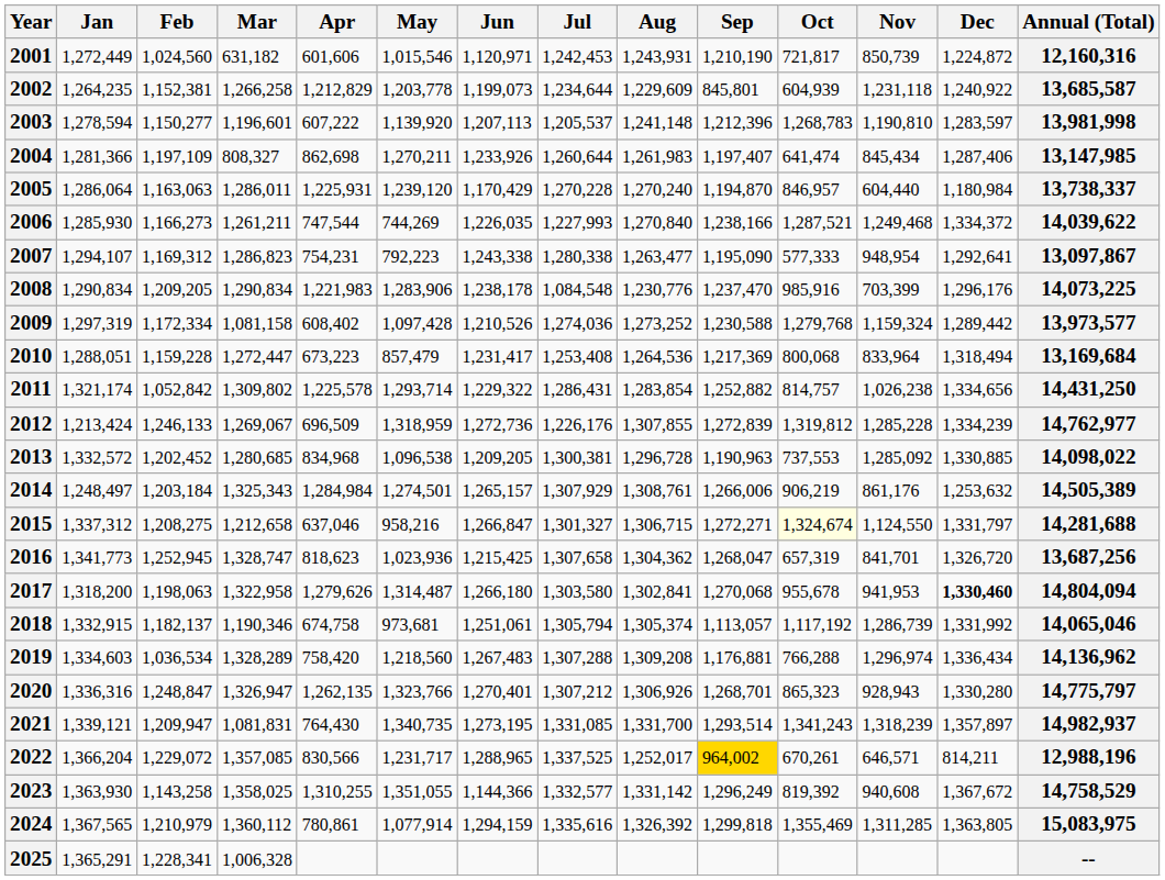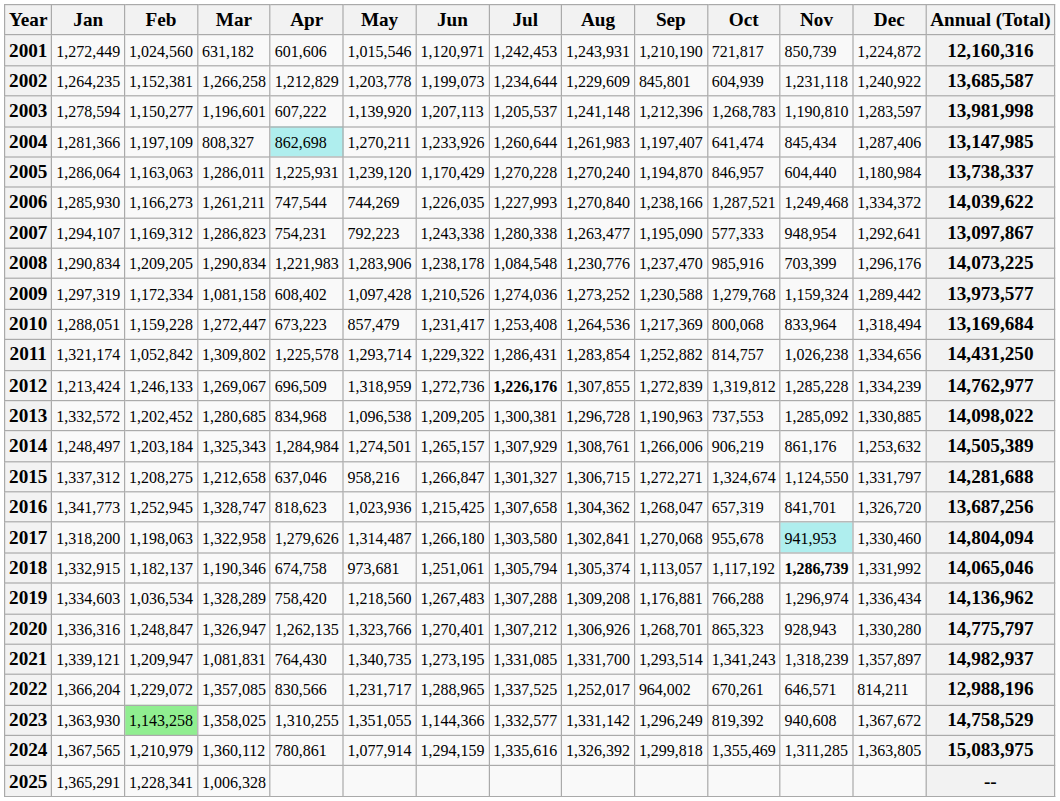 <table class="wikitable">
 <tr>
 <th>Year</th>
 <th>Jan</th>
 <th>Feb</th>
 <th>Mar</th>
 <th>Apr</th>
 <th>May</th>
 <th>Jun</th>
 <th>Jul</th>
 <th>Aug</th>
 <th>Sep</th>
 <th>Oct</th>
 <th>Nov</th>
 <th>Dec</th>
 <th>Annual (Total)</th>
 </tr>
 <tr>
 <th>2001</th>
 <td><small>1,272,449</small></td>
 <td><small>1,024,560</small></td>
 <td><small>631,182</small></td>
 <td><small>601,606</small></td>
 <td><small>1,015,546</small></td>
 <td><small>1,120,971</small></td>
 <td><small>1,242,453</small></td>
 <td><small>1,243,931</small></td>
 <td><small>1,210,190</small></td>
 <td><small>721,817</small></td>
 <td><small>850,739</small></td>
 <td><small>1,224,872</small></td>
 <th>12,160,316</th>
 </tr>
 <tr>
 <th>2002</th>
 <td><small>1,264,235</small></td>
 <td><small>1,152,381</small></td>
 <td><small>1,266,258</small></td>
 <td><small>1,212,829</small></td>
 <td><small>1,203,778</small></td>
 <td><small>1,199,073</small></td>
 <td><small>1,234,644</small></td>
 <td><small>1,229,609</small></td>
 <td><small>845,801</small></td>
 <td><small>604,939</small></td>
 <td><small>1,231,118</small></td>
 <td><small>1,240,922</small></td>
 <th>13,685,587</th>
 </tr>
 <tr>
 <th>2003</th>
 <td><small>1,278,594</small></td>
 <td><small>1,150,277</small></td>
 <td><small>1,196,601</small></td>
 <td><small>607,222</small></td>
 <td><small>1,139,920</small></td>
 <td><small>1,207,113</small></td>
 <td><small>1,205,537</small></td>
 <td><small>1,241,148</small></td>
 <td><small>1,212,396</small></td>
 <td><small>1,268,783</small></td>
 <td><small>1,190,810</small></td>
 <td><small>1,283,597</small></td>
 <th>13,981,998</th>
 </tr>
 <tr>
 <th>2004</th>
 <td><small>1,281,366</small></td>
 <td><small>1,197,109</small></td>
 <td><small>808,327</small></td>
-<td><small>862,698</small></td>
+<td style="background: paleturquoise;"><small>862,698</small></td>
 <td><small>1,270,211</small></td>
 <td><small>1,233,926</small></td>
 <td><small>1,260,644</small></td>
 <td><small>1,261,983</small></td>
 <td><small>1,197,407</small></td>
 <td><small>641,474</small></td>
 <td><small>845,434</small></td>
 <td><small>1,287,406</small></td>
 <th>13,147,985</th>
 </tr>
 <tr>
 <th>2005</th>
 <td><small>1,286,064</small></td>
 <td><small>1,163,063</small></td>
 <td><small>1,286,011</small></td>
 <td><small>1,225,931</small></td>
 <td><small>1,239,120</small></td>
 <td><small>1,170,429</small></td>
 <td><small>1,270,228</small></td>
 <td><small>1,270,240</small></td>
 <td><small>1,194,870</small></td>
 <td><small>846,957</small></td>
 <td><small>604,440</small></td>
 <td><small>1,180,984</small></td>
 <th>13,738,337</th>
 </tr>
 <tr>
 <th>2006</th>
 <td><small>1,285,930</small></td>
 <td><small>1,166,273</small></td>
 <td><small>1,261,211</small></td>
 <td><small>747,544</small></td>
 <td><small>744,269</small></td>
 <td><small>1,226,035</small></td>
 <td><small>1,227,993</small></td>
 <td><small>1,270,840</small></td>
 <td><small>1,238,166</small></td>
 <td><small>1,287,521</small></td>
 <td><small>1,249,468</small></td>
 <td><small>1,334,372</small></td>
 <th>14,039,622</th>
 </tr>
 <tr>
 <th>2007</th>
 <td><small>1,294,107</small></td>
 <td><small>1,169,312</small></td>
 <td><small>1,286,823</small></td>
 <td><small>754,231</small></td>
 <td><small>792,223</small></td>
 <td><small>1,243,338</small></td>
 <td><small>1,280,338</small></td>
 <td><small>1,263,477</small></td>
 <td><small>1,195,090</small></td>
 <td><small>577,333</small></td>
 <td><small>948,954</small></td>
 <td><small>1,292,641</small></td>
 <th>13,097,867</th>
 </tr>
 <tr>
 <th>2008</th>
 <td><small>1,290,834</small></td>
 <td><small>1,209,205</small></td>
 <td><small>1,290,834</small></td>
 <td><small>1,221,983</small></td>
 <td><small>1,283,906</small></td>
 <td><small>1,238,178</small></td>
 <td><small>1,084,548</small></td>
 <td><small>1,230,776</small></td>
 <td><small>1,237,470</small></td>
 <td><small>985,916</small></td>
 <td><small>703,399</small></td>
 <td><small>1,296,176</small></td>
 <th>14,073,225</th>
 </tr>
 <tr>
 <th>2009</th>
 <td><small>1,297,319</small></td>
 <td><small>1,172,334</small></td>
 <td><small>1,081,158</small></td>
 <td><small>608,402</small></td>
 <td><small>1,097,428</small></td>
 <td><small>1,210,526</small></td>
 <td><small>1,274,036</small></td>
 <td><small>1,273,252</small></td>
 <td><small>1,230,588</small></td>
 <td><small>1,279,768</small></td>
 <td><small>1,159,324</small></td>
 <td><small>1,289,442</small></td>
 <th>13,973,577</th>
 </tr>
 <tr>
 <th>2010</th>
 <td><small>1,288,051</small></td>
 <td><small>1,159,228</small></td>
 <td><small>1,272,447</small></td>
 <td><small>673,223</small></td>
 <td><small>857,479</small></td>
 <td><small>1,231,417</small></td>
 <td><small>1,253,408</small></td>
 <td><small>1,264,536</small></td>
 <td><small>1,217,369</small></td>
 <td><small>800,068</small></td>
 <td><small>833,964</small></td>
 <td><small>1,318,494</small></td>
 <th>13,169,684</th>
 </tr>
 <tr>
 <th>2011</th>
 <td><small>1,321,174</small></td>
 <td><small>1,052,842</small></td>
 <td><small>1,309,802</small></td>
 <td><small>1,225,578</small></td>
 <td><small>1,293,714</small></td>
 <td><small>1,229,322</small></td>
 <td><small>1,286,431</small></td>
 <td><small>1,283,854</small></td>
 <td><small>1,252,882</small></td>
 <td><small>814,757</small></td>
 <td><small>1,026,238</small></td>
 <td><small>1,334,656</small></td>
 <th>14,431,250</th>
 </tr>
 <tr>
 <th>2012</th>
 <td><small>1,213,424</small></td>
 <td><small>1,246,133</small></td>
 <td><small>1,269,067</small></td>
 <td><small>696,509</small></td>
 <td><small>1,318,959</small></td>
 <td><small>1,272,736</small></td>
-<td><small>1,226,176</small></td>
+<td><strong><small>1,226,176</small></strong></td>
 <td><small>1,307,855</small></td>
 <td><small>1,272,839</small></td>
 <td><small>1,319,812</small></td>
 <td><small>1,285,228</small></td>
 <td><small>1,334,239</small></td>
 <th>14,762,977</th>
 </tr>
 <tr>
 <th>2013</th>
 <td><small>1,332,572</small></td>
 <td><small>1,202,452</small></td>
 <td><small>1,280,685</small></td>
 <td><small>834,968</small></td>
 <td><small>1,096,538</small></td>
 <td><small>1,209,205</small></td>
 <td><small>1,300,381</small></td>
 <td><small>1,296,728</small></td>
 <td><small>1,190,963</small></td>
 <td><small>737,553</small></td>
 <td><small>1,285,092</small></td>
 <td><small>1,330,885</small></td>
 <th>14,098,022</th>
 </tr>
 <tr>
 <th>2014</th>
 <td><small>1,248,497</small></td>
 <td><small>1,203,184</small></td>
 <td><small>1,325,343</small></td>
 <td><small>1,284,984</small></td>
 <td><small>1,274,501</small></td>
 <td><small>1,265,157</small></td>
 <td><small>1,307,929</small></td>
 <td><small>1,308,761</small></td>
 <td><small>1,266,006</small></td>
 <td><small>906,219</small></td>
 <td><small>861,176</small></td>
 <td><small>1,253,632</small></td>
 <th>14,505,389</th>
 </tr>
 <tr>
 <th>2015</th>
 <td><small>1,337,312</small></td>
 <td><small>1,208,275</small></td>
 <td><small>1,212,658</small></td>
 <td><small>637,046</small></td>
 <td><small>958,216</small></td>
 <td><small>1,266,847</small></td>
 <td><small>1,301,327</small></td>
 <td><small>1,306,715</small></td>
 <td><small>1,272,271</small></td>
-<td style="background: lightyellow;"><small>1,324,674</small></td>
+<td><small>1,324,674</small></td>
 <td><small>1,124,550</small></td>
 <td><small>1,331,797</small></td>
 <th>14,281,688</th>
 </tr>
 <tr>
 <th>2016</th>
 <td><small>1,341,773</small></td>
 <td><small>1,252,945</small></td>
 <td><small>1,328,747</small></td>
 <td><small>818,623</small></td>
 <td><small>1,023,936</small></td>
 <td><small>1,215,425</small></td>
 <td><small>1,307,658</small></td>
 <td><small>1,304,362</small></td>
 <td><small>1,268,047</small></td>
 <td><small>657,319</small></td>
 <td><small>841,701</small></td>
 <td><small>1,326,720</small></td>
 <th>13,687,256</th>
 </tr>
 <tr>
 <th>2017</th>
 <td><small>1,318,200</small></td>
 <td><small>1,198,063</small></td>
 <td><small>1,322,958</small></td>
 <td><small>1,279,626</small></td>
 <td><small>1,314,487</small></td>
 <td><small>1,266,180</small></td>
 <td><small>1,303,580</small></td>
 <td><small>1,302,841</small></td>
 <td><small>1,270,068</small></td>
 <td><small>955,678</small></td>
-<td><small>941,953</small></td>
-<td><strong><small>1,330,460</small></strong></td>
+<td style="background: paleturquoise;"><small>941,953</small></td>
+<td><small>1,330,460</small></td>
 <th>14,804,094</th>
 </tr>
 <tr>
 <th>2018</th>
 <td><small>1,332,915</small></td>
 <td><small>1,182,137</small></td>
 <td><small>1,190,346</small></td>
 <td><small>674,758</small></td>
 <td><small>973,681</small></td>
 <td><small>1,251,061</small></td>
 <td><small>1,305,794</small></td>
 <td><small>1,305,374</small></td>
 <td><small>1,113,057</small></td>
 <td><small>1,117,192</small></td>
-<td><small>1,286,739</small></td>
+<td><strong><small>1,286,739</small></strong></td>
 <td><small>1,331,992</small></td>
 <th>14,065,046</th>
 </tr>
 <tr>
 <th>2019</th>
 <td><small>1,334,603</small></td>
 <td><small>1,036,534</small></td>
 <td><small>1,328,289</small></td>
 <td><small>758,420</small></td>
 <td><small>1,218,560</small></td>
 <td><small>1,267,483</small></td>
 <td><small>1,307,288</small></td>
 <td><small>1,309,208</small></td>
 <td><small>1,176,881</small></td>
 <td><small>766,288</small></td>
 <td><small>1,296,974</small></td>
 <td><small>1,336,434</small></td>
 <th>14,136,962</th>
 </tr>
 <tr>
 <th>2020</th>
 <td><small>1,336,316</small></td>
 <td><small>1,248,847</small></td>
 <td><small>1,326,947</small></td>
 <td><small>1,262,135</small></td>
 <td><small>1,323,766</small></td>
 <td><small>1,270,401</small></td>
 <td><small>1,307,212</small></td>
 <td><small>1,306,926</small></td>
 <td><small>1,268,701</small></td>
 <td><small>865,323</small></td>
 <td><small>928,943</small></td>
 <td><small>1,330,280</small></td>
 <th>14,775,797</th>
 </tr>
 <tr>
 <th>2021</th>
 <td><small>1,339,121</small></td>
 <td><small>1,209,947</small></td>
 <td><small>1,081,831</small></td>
 <td><small>764,430</small></td>
 <td><small>1,340,735</small></td>
 <td><small>1,273,195</small></td>
 <td><small>1,331,085</small></td>
 <td><small>1,331,700</small></td>
 <td><small>1,293,514</small></td>
 <td><small>1,341,243</small></td>
 <td><small>1,318,239</small></td>
 <td><small>1,357,897</small></td>
 <th>14,982,937</th>
 </tr>
 <tr>
 <th>2022</th>
 <td><small>1,366,204</small></td>
 <td><small>1,229,072</small></td>
 <td><small>1,357,085</small></td>
 <td><small>830,566</small></td>
 <td><small>1,231,717</small></td>
 <td><small>1,288,965</small></td>
 <td><small>1,337,525</small></td>
 <td><small>1,252,017</small></td>
-<td style="background: gold;"><small>964,002</small></td>
+<td><small>964,002</small></td>
 <td><small>670,261</small></td>
 <td><small>646,571</small></td>
 <td><small>814,211</small></td>
 <th>12,988,196</th>
 </tr>
 <tr>
 <th>2023</th>
 <td><small>1,363,930</small></td>
-<td><small>1,143,258</small></td>
+<td style="background: lightgreen;"><small>1,143,258</small></td>
 <td><small>1,358,025</small></td>
 <td><small>1,310,255</small></td>
 <td><small>1,351,055</small></td>
 <td><small>1,144,366</small></td>
 <td><small>1,332,577</small></td>
 <td><small>1,331,142</small></td>
 <td><small>1,296,249</small></td>
 <td><small>819,392</small></td>
 <td><small>940,608</small></td>
 <td><small>1,367,672</small></td>
 <th>14,758,529</th>
 </tr>
 <tr>
 <th>2024</th>
 <td><small>1,367,565</small></td>
 <td><small>1,210,979</small></td>
 <td><small>1,360,112</small></td>
 <td><small>780,861</small></td>
 <td><small>1,077,914</small></td>
 <td><small>1,294,159</small></td>
 <td><small>1,335,616</small></td>
 <td><small>1,326,392</small></td>
 <td><small>1,299,818</small></td>
 <td><small>1,355,469</small></td>
 <td><small>1,311,285</small></td>
 <td><small>1,363,805</small></td>
 <th>15,083,975</th>
 </tr>
 <tr>
 <th>2025</th>
 <td><small>1,365,291</small></td>
 <td><small>1,228,341</small></td>
 <td><small>1,006,328</small></td>
 <td><small></small></td>
 <td><small></small></td>
 <td><small></small></td>
 <td><small></small></td>
 <td><small></small></td>
 <td><small></small></td>
 <td><small></small></td>
 <td><small></small></td>
 <td><small></small></td>
 <th>--</th>
 </tr>
 <tr>
 </tr>
 </table>
